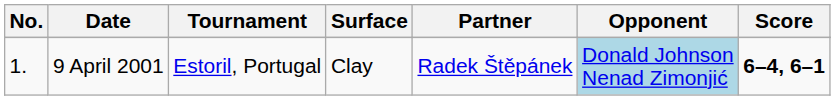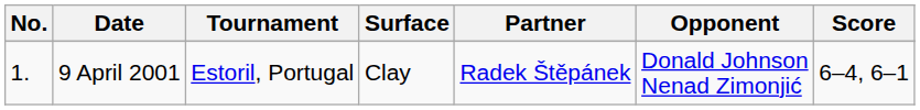 <table class="sortable wikitable">
 <tr>
 <th>No.</th>
 <th>Date</th>
 <th>Tournament</th>
 <th>Surface</th>
 <th>Partner</th>
 <th>Opponent</th>
 <th>Score</th>
 </tr>
 <tr>
 </tr>
 <tr>
 <td>1.</td>
 <td>9 April 2001</td>
 <td><a href='#'>Estoril</a>, Portugal</td>
 <td>Clay</td>
 <td> <a href='#'>Radek Štěpánek</a></td>
-<td style="background: lightblue;"> <a href='#'>Donald Johnson</a> <br>  <a href='#'>Nenad Zimonjić</a></td>
-<td><strong>6–4, 6–1</strong></td>
+<td> <a href='#'>Donald Johnson</a> <br>  <a href='#'>Nenad Zimonjić</a></td>
+<td>6–4, 6–1</td>
 </tr>
 </table>
